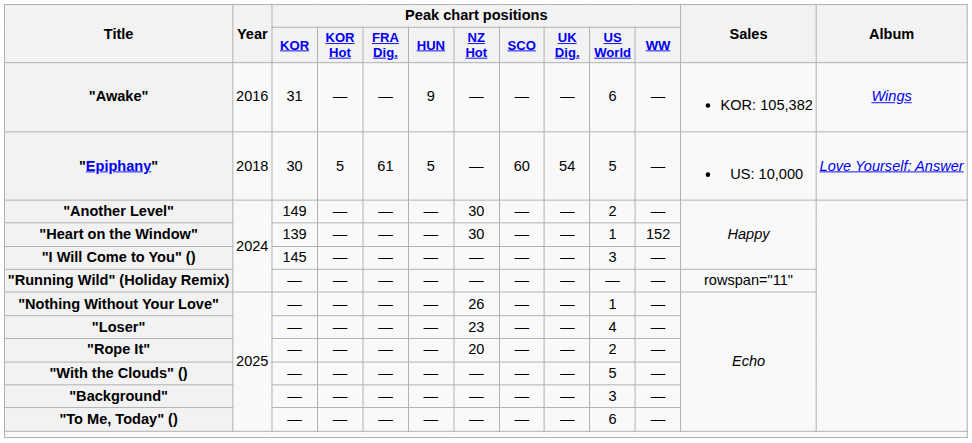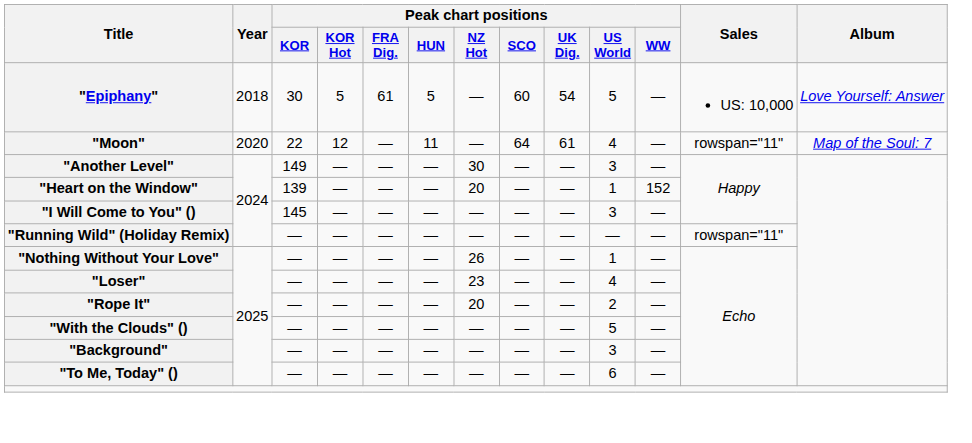 <table class="wikitable plainrowheaders" style="text-align:center;">
 <tr>
 <th scope="col" rowspan="2">Title</th>
 <th scope="col" rowspan="2">Year</th>
 <th scope="col" colspan="9">Peak chart positions</th>
 <th scope="col" rowspan="2">Sales</th>
 <th scope="col" rowspan="2">Album</th>
 </tr>
 <tr>
 <th scope="col" style="width:3em;font-size:90%;"><a href='#'>KOR</a><br></th>
 <th scope="col" style="width:3em;font-size:90%;"><a href='#'>KOR Hot</a><br></th>
 <th scope="col" style="width:3em;font-size:90%;"><a href='#'>FRA Dig.</a><br></th>
 <th scope="col" style="width:3em;font-size:90%;"><a href='#'>HUN</a><br></th>
 <th scope="col" style="width:3em;font-size:90%;"><a href='#'>NZ<br>Hot</a><br></th>
 <th scope="col" style="width:3em;font-size:90%;"><a href='#'>SCO</a><br></th>
 <th scope="col" style="width:3em;font-size:90%;"><a href='#'>UK Dig.</a><br></th>
 <th scope="col" style="width:3em;font-size:90%;"><a href='#'>US World</a><br></th>
 <th scope="col" style="width:3em;font-size:90%;"><a href='#'>WW</a><br></th>
 </tr>
 <tr>
-<th scope="row">"Awake"</th>
-<td>2016</td>
-<td>31</td>
-<td>—</td>
-<td>—</td>
-<td>9</td>
-<td>—</td>
-<td>—</td>
-<td>—</td>
-<td>6</td>
-<td>—</td>
-<td><br><ul><li>KOR: 105,382</li></ul></td>
-<td><em><a href='#'>Wings</a></em></td>
-</tr>
-<tr>
 <th scope="row">"<a href='#'>Epiphany</a>"</th>
 <td>2018</td>
 <td>30</td>
 <td>5</td>
 <td>61</td>
 <td>5</td>
 <td>—</td>
 <td>60</td>
 <td>54</td>
 <td>5</td>
 <td>—</td>
 <td><br><ul><li>US: 10,000</li></ul></td>
 <td><em><a href='#'>Love Yourself: Answer</a></em></td>
 </tr>
 <tr>
+<th scope="row">"Moon"</th>
+<td>2020</td>
+<td>22</td>
+<td>12</td>
+<td>—</td>
+<td>11</td>
+<td>—</td>
+<td>64</td>
+<td>61</td>
+<td>4</td>
+<td>—</td>
+<td>rowspan="11" </td>
+<td><em><a href='#'>Map of the Soul: 7</a></em></td>
+</tr>
+<tr>
 <th scope="row">"Another Level"</th>
 <td rowspan="4">2024</td>
 <td>149</td>
 <td>—</td>
 <td>—</td>
 <td>—</td>
 <td>30</td>
 <td>—</td>
 <td>—</td>
-<td>2</td>
+<td>3</td>
 <td>—</td>
 <td rowspan="3"><em>Happy</em></td>
 </tr>
 <tr>
 <th scope="row">"Heart on the Window"<br></th>
 <td>139</td>
 <td>—</td>
 <td>—</td>
 <td>—</td>
-<td>30</td>
+<td>20</td>
 <td>—</td>
 <td>—</td>
 <td>1</td>
 <td>152</td>
 </tr>
 <tr>
 <th scope="row">"I Will Come to You" ()</th>
 <td>145</td>
 <td>—</td>
 <td>—</td>
 <td>—</td>
 <td>—</td>
 <td>—</td>
 <td>—</td>
 <td>3</td>
 <td>—</td>
 </tr>
 <tr>
 <th scope="row">"Running Wild" (Holiday Remix)</th>
 <td>—</td>
 <td>—</td>
 <td>—</td>
 <td>—</td>
 <td>—</td>
 <td>—</td>
 <td>—</td>
 <td>—</td>
 <td>—</td>
 <td>rowspan="11" </td>
 </tr>
 <tr>
 <th scope="row">"Nothing Without Your Love"</th>
 <td rowspan="6">2025</td>
 <td>—</td>
 <td>—</td>
 <td>—</td>
 <td>—</td>
 <td>26</td>
 <td>—</td>
 <td>—</td>
 <td>1</td>
 <td>—</td>
 <td rowspan="6"><em>Echo</em></td>
 </tr>
 <tr>
 <th scope="row">"Loser"<br></th>
 <td>—</td>
 <td>—</td>
 <td>—</td>
 <td>—</td>
 <td>23</td>
 <td>—</td>
 <td>—</td>
 <td>4</td>
 <td>—</td>
 </tr>
 <tr>
 <th scope="row">"Rope It"</th>
 <td>—</td>
 <td>—</td>
 <td>—</td>
 <td>—</td>
 <td>20</td>
 <td>—</td>
 <td>—</td>
 <td>2</td>
 <td>—</td>
 </tr>
 <tr>
 <th scope="row">"With the Clouds" ()</th>
 <td>—</td>
 <td>—</td>
 <td>—</td>
 <td>—</td>
 <td>—</td>
 <td>—</td>
 <td>—</td>
 <td>5</td>
 <td>—</td>
 </tr>
 <tr>
 <th scope="row">"Background"</th>
 <td>—</td>
 <td>—</td>
 <td>—</td>
 <td>—</td>
 <td>—</td>
 <td>—</td>
 <td>—</td>
 <td>3</td>
 <td>—</td>
 </tr>
 <tr>
 <th scope="row">"To Me, Today" ()</th>
 <td>—</td>
 <td>—</td>
 <td>—</td>
 <td>—</td>
 <td>—</td>
 <td>—</td>
 <td>—</td>
 <td>6</td>
 <td>—</td>
 </tr>
 <tr>
 <td colspan="13"></td>
 </tr>
 </table>
